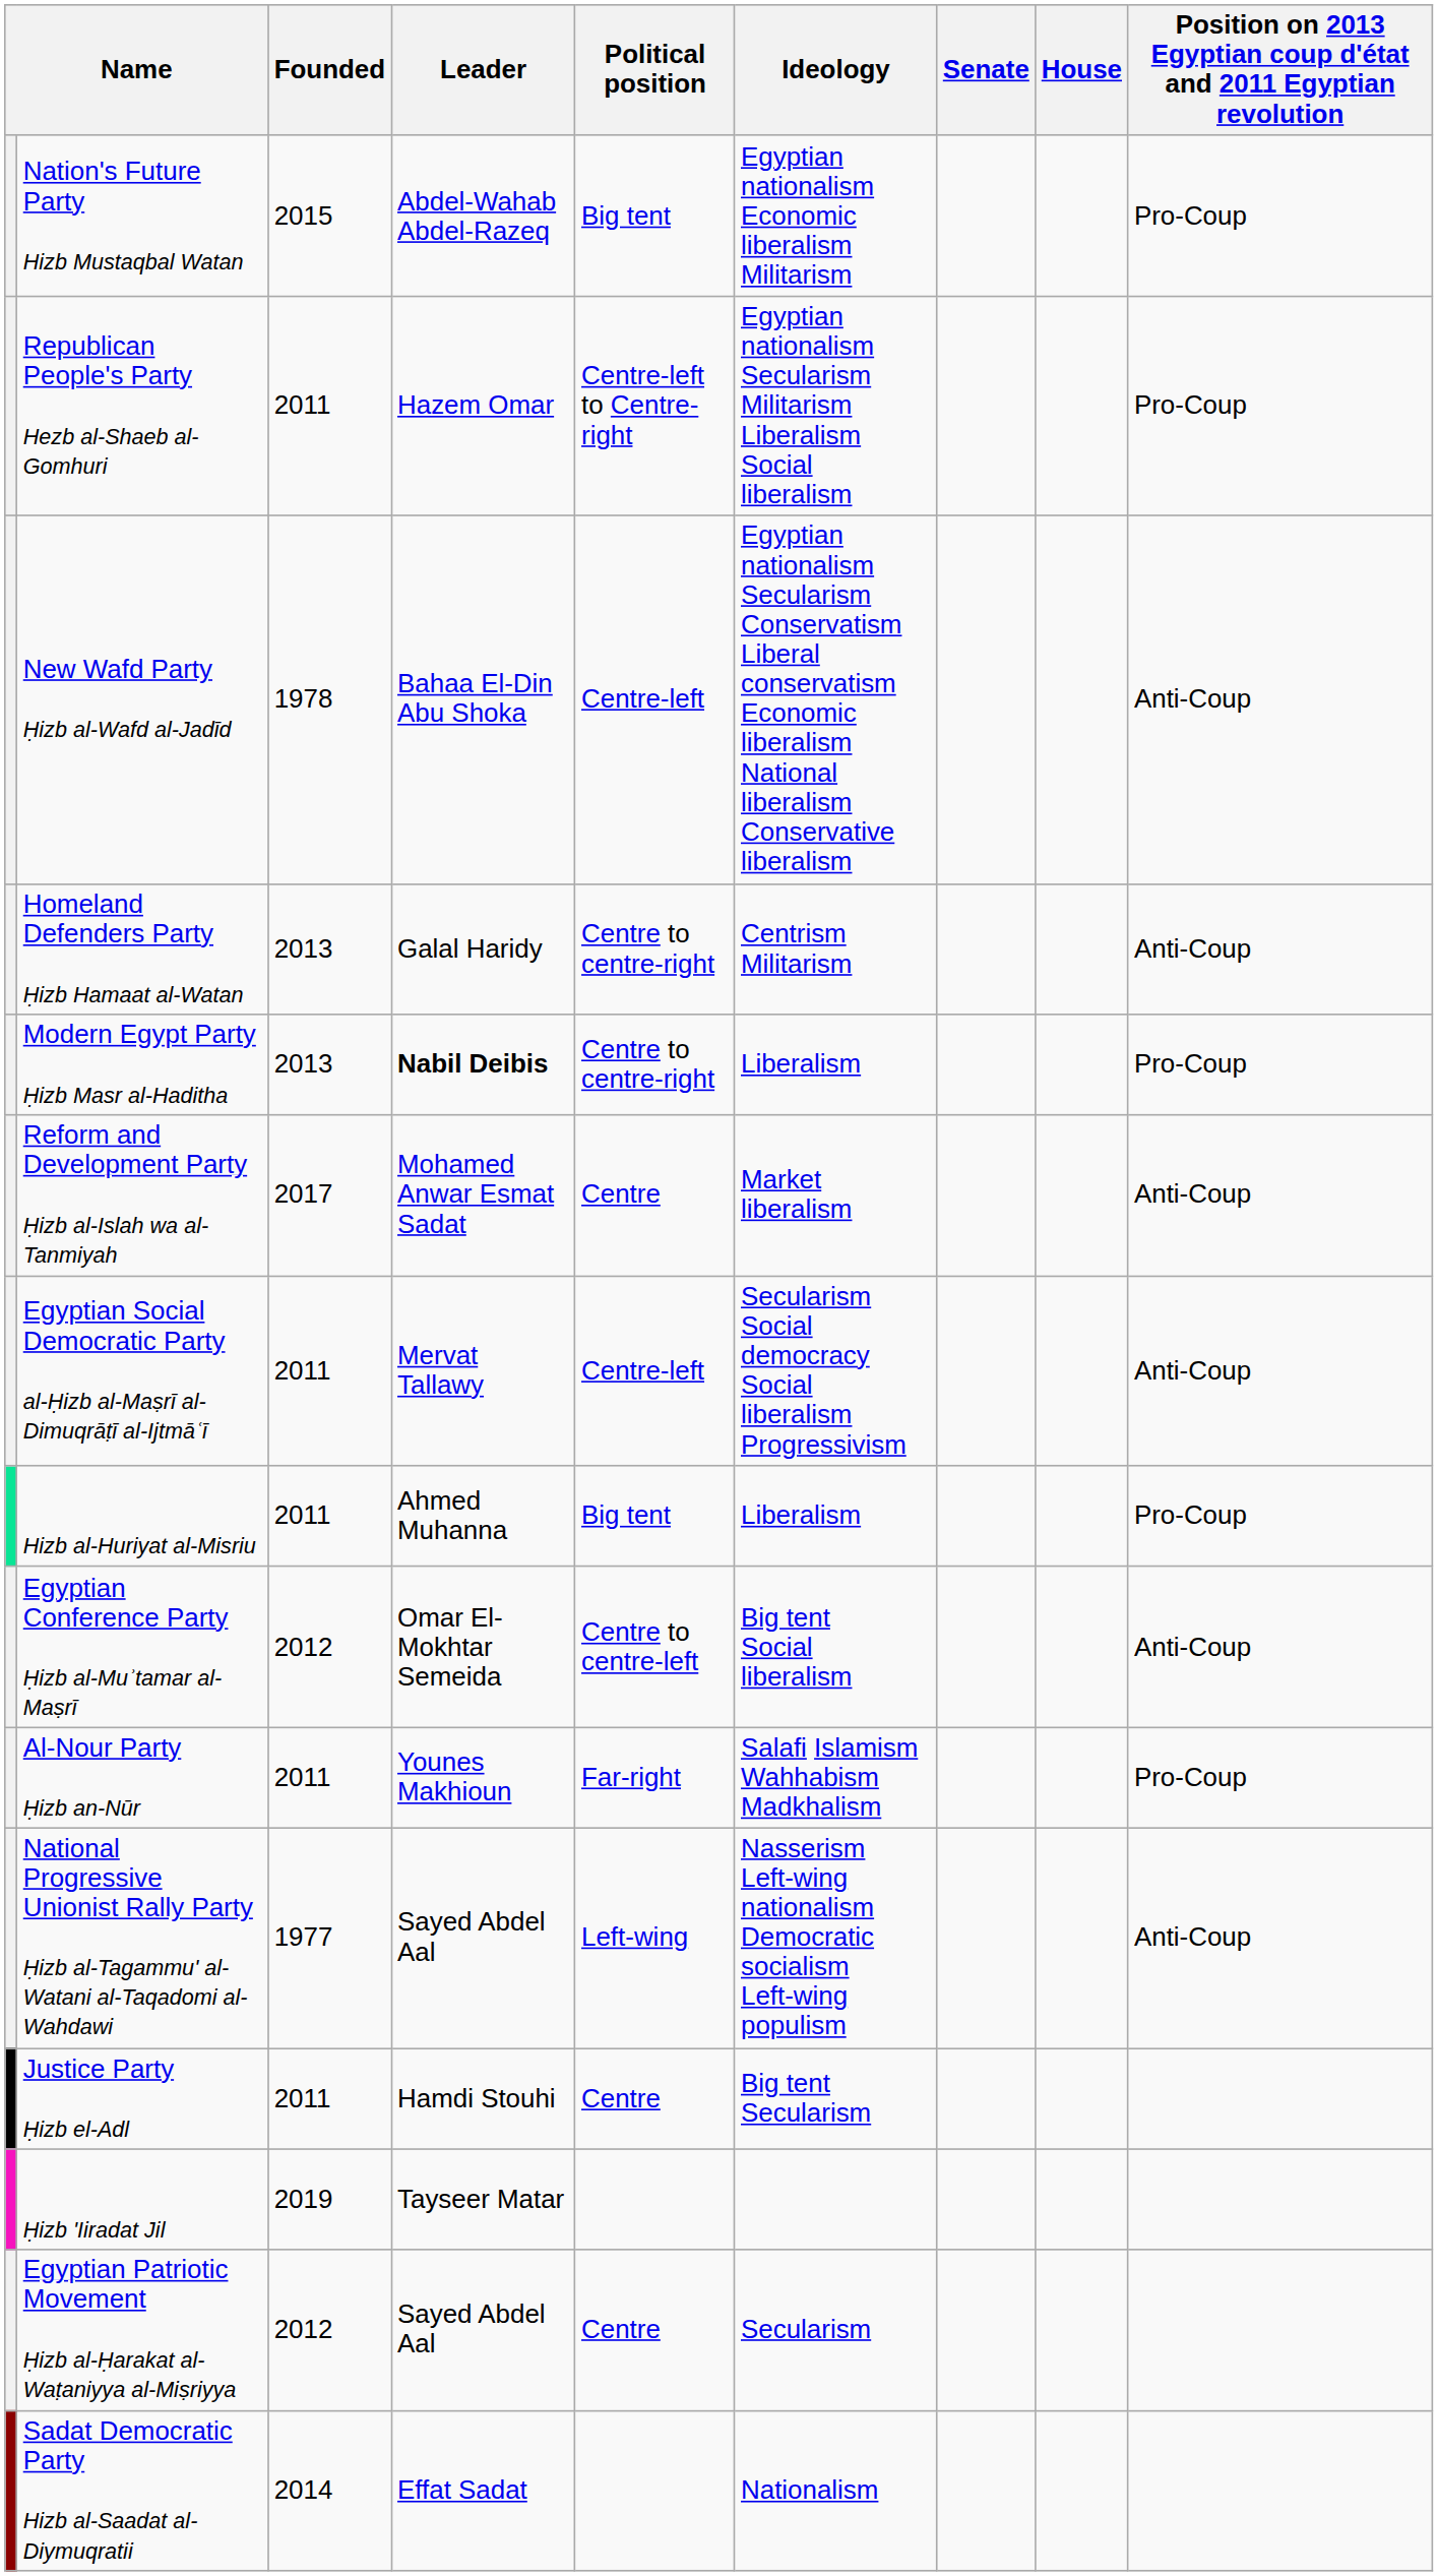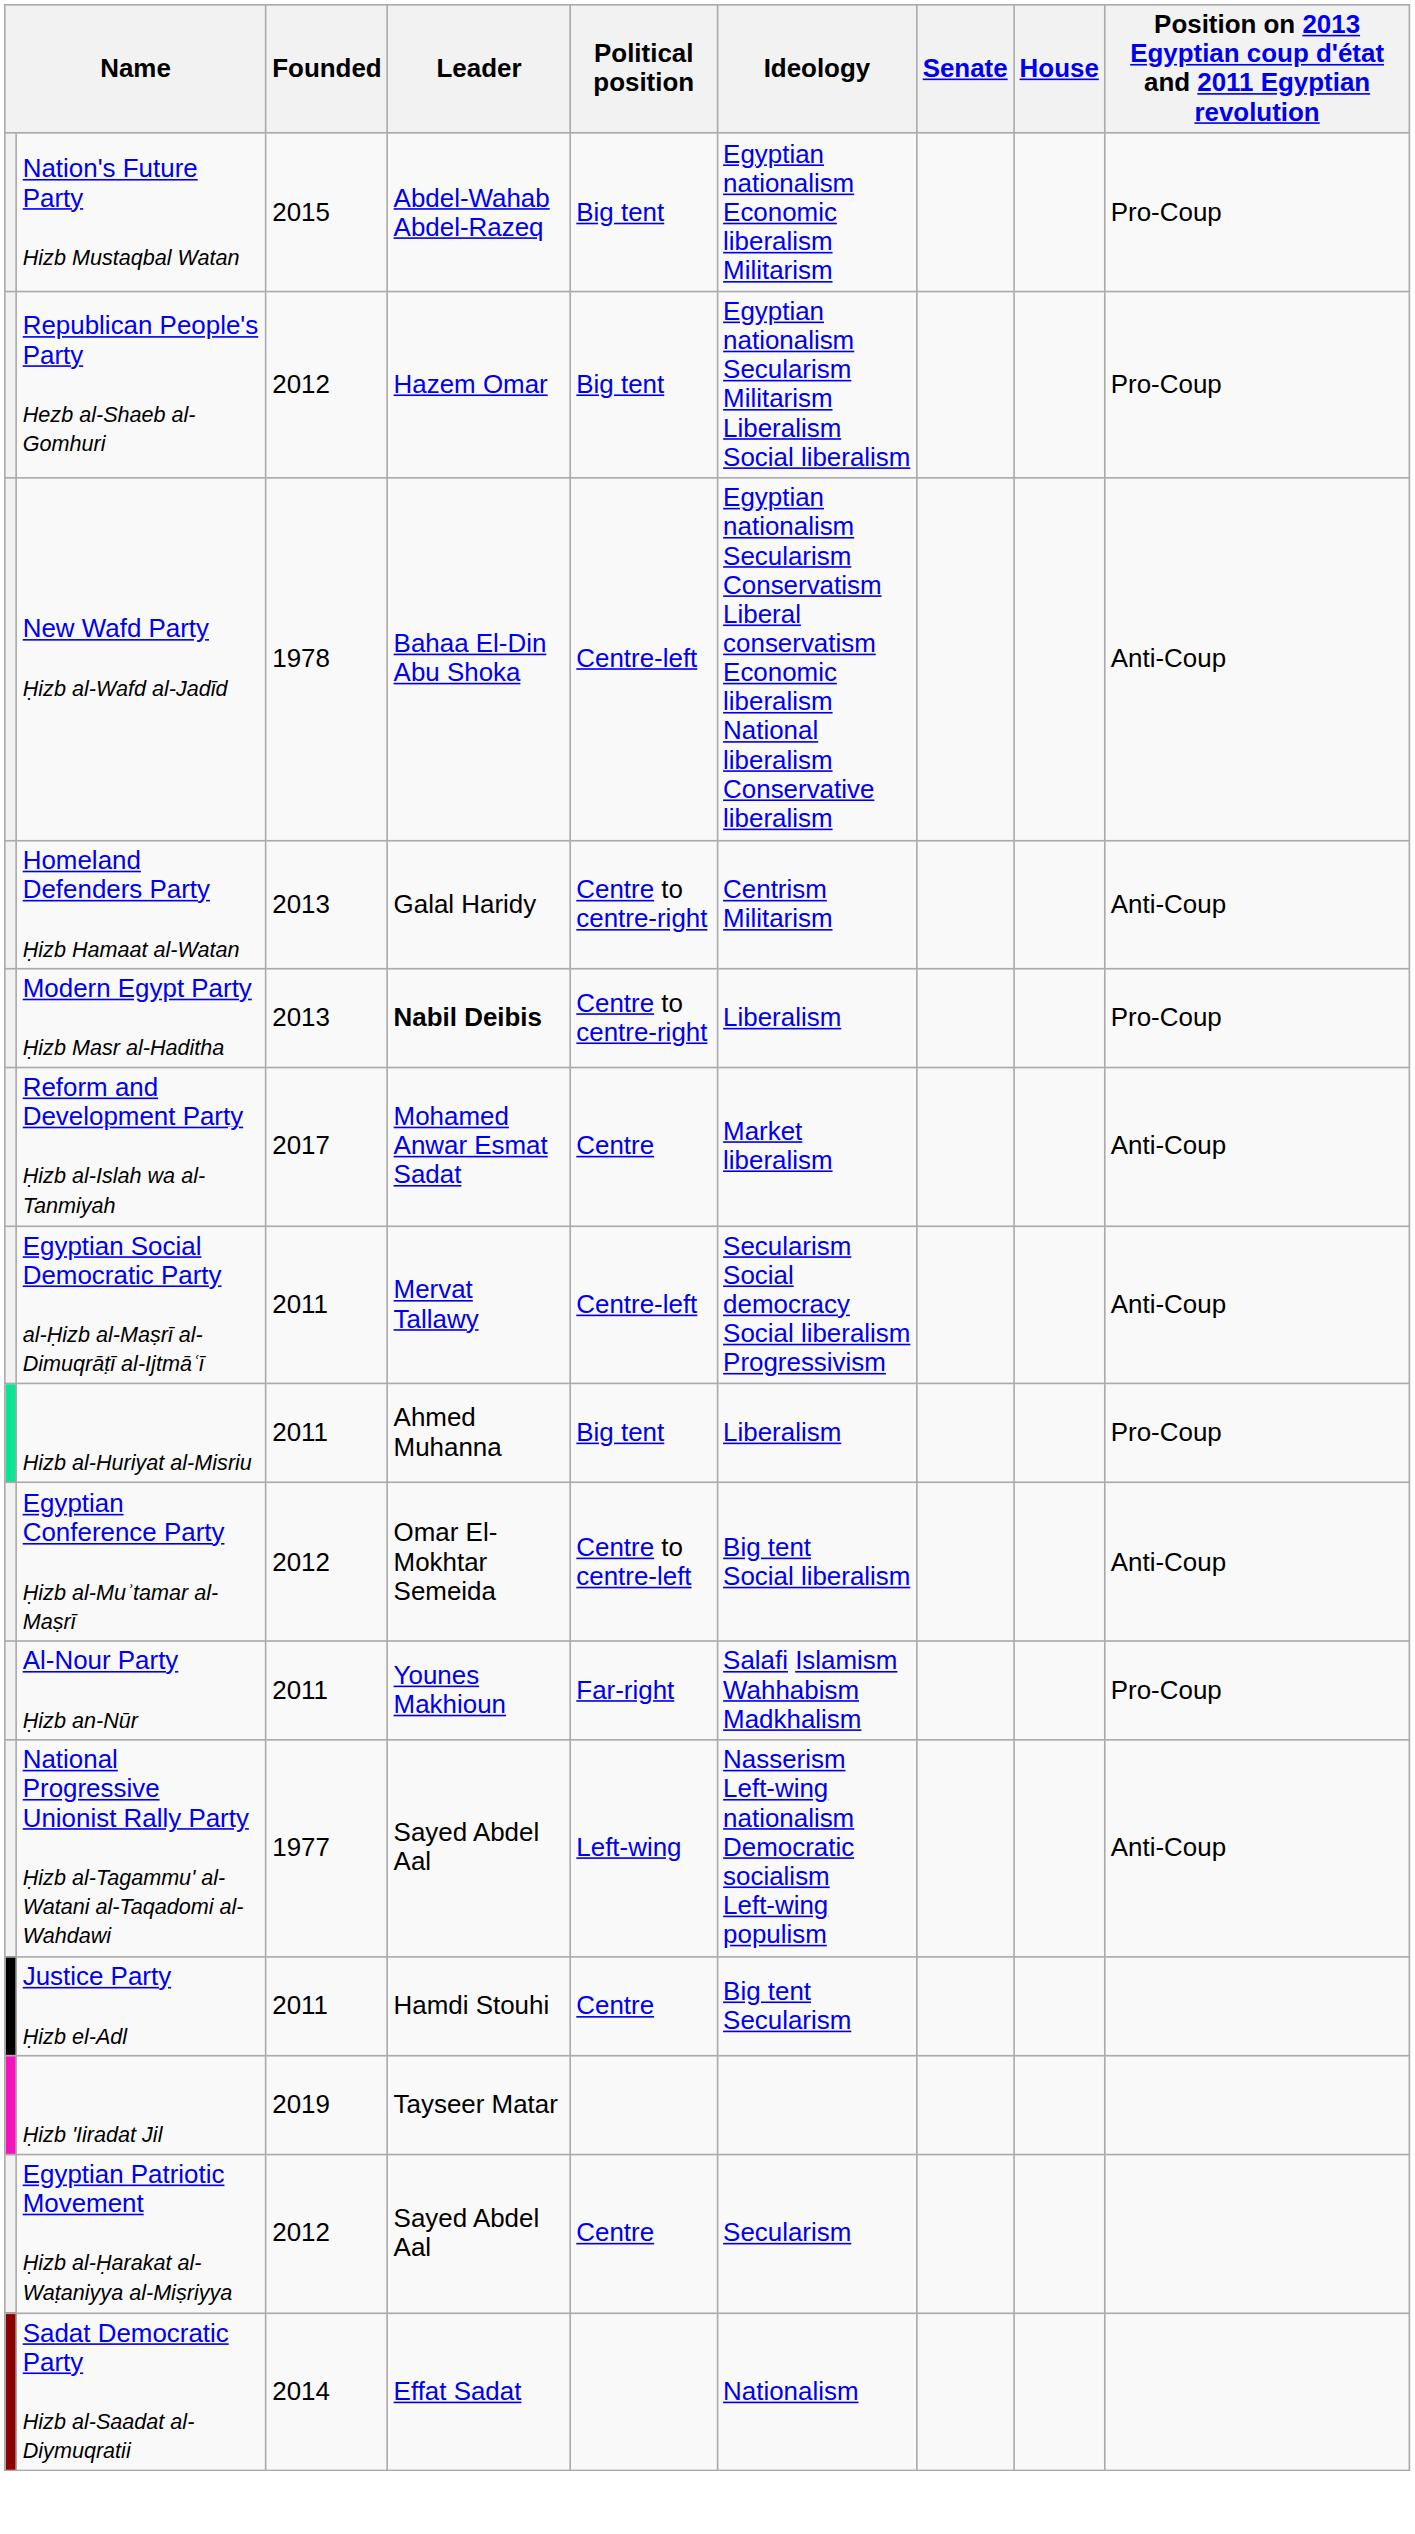 <table class="wikitable sortable">
 <tr>
 <th colspan=2>Name</th>
 <th>Founded</th>
 <th>Leader</th>
 <th>Political position</th>
 <th>Ideology</th>
 <th><a href='#'>Senate</a></th>
 <th><a href='#'>House</a></th>
 <th>Position on <a href='#'>2013 Egyptian coup d'état</a> and <a href='#'>2011 Egyptian revolution</a></th>
 </tr>
 <tr>
 <th style="background-color: "></th>
 <td><a href='#'>Nation's Future Party</a><br><br><small><em>Hizb Mustaqbal Watan</em></small></td>
 <td>2015</td>
 <td><a href='#'>Abdel-Wahab Abdel-Razeq</a></td>
 <td><a href='#'>Big tent</a></td>
 <td><a href='#'>Egyptian nationalism</a><br><a href='#'>Economic liberalism</a><br><a href='#'>Militarism</a></td>
 <td></td>
 <td></td>
 <td>Pro-Coup</td>
 </tr>
 <tr>
 <th style="background-color: "></th>
 <td><a href='#'>Republican People's Party</a><br><br><small><em>Hezb al-Shaeb al-Gomhuri</em></small></td>
-<td>2011</td>
+<td>2012</td>
 <td><a href='#'>Hazem Omar</a></td>
-<td><a href='#'>Centre-left</a> to <a href='#'>Centre-right</a></td>
+<td><a href='#'>Big tent</a></td>
 <td><a href='#'>Egyptian nationalism</a><br><a href='#'>Secularism</a><br><a href='#'>Militarism</a><br><a href='#'>Liberalism</a><br><a href='#'>Social liberalism</a></td>
 <td></td>
 <td></td>
 <td>Pro-Coup</td>
 </tr>
 <tr>
 <th style="background-color: "></th>
 <td><a href='#'>New Wafd Party</a><br><br><small><em>Ḥizb al-Wafd al-Jadīd</em></small></td>
 <td>1978</td>
 <td><a href='#'>Bahaa El-Din Abu Shoka</a></td>
 <td><a href='#'>Centre-left</a></td>
 <td><a href='#'>Egyptian nationalism</a><br><a href='#'>Secularism</a><br><a href='#'>Conservatism</a><br><a href='#'>Liberal conservatism</a><br><a href='#'>Economic liberalism</a><br><a href='#'>National liberalism</a><br><a href='#'>Conservative liberalism</a></td>
 <td></td>
 <td></td>
 <td>Anti-Coup</td>
 </tr>
 <tr>
 <th style="background-color: "></th>
 <td><a href='#'>Homeland Defenders Party</a><br><br><small><em>Ḥizb Hamaat al-Watan</em></small></td>
 <td>2013</td>
 <td>Galal Haridy</td>
 <td><a href='#'>Centre</a> to <a href='#'>centre-right</a></td>
 <td><a href='#'>Centrism</a><br><a href='#'>Militarism</a></td>
 <td></td>
 <td></td>
 <td>Anti-Coup</td>
 </tr>
 <tr>
 <th style="background-color: "></th>
 <td><a href='#'>Modern Egypt Party</a><br><br><small><em>Ḥizb Masr al-Haditha</em></small></td>
 <td>2013</td>
 <td><strong>Nabil Deibis</strong></td>
 <td><a href='#'>Centre</a> to <a href='#'>centre-right</a></td>
 <td><a href='#'>Liberalism</a></td>
 <td></td>
 <td></td>
 <td>Pro-Coup</td>
 </tr>
 <tr>
 <th style="background-color: "></th>
 <td><a href='#'>Reform and Development Party</a><br><br><small><em>Ḥizb al-Islah wa al-Tanmiyah</em></small></td>
 <td>2017</td>
 <td><a href='#'>Mohamed Anwar Esmat Sadat</a></td>
 <td><a href='#'>Centre</a></td>
 <td><a href='#'>Market liberalism</a></td>
 <td></td>
 <td></td>
 <td>Anti-Coup</td>
 </tr>
 <tr>
 <th style="background-color: "></th>
 <td><a href='#'>Egyptian Social Democratic Party</a><br><br><small><em>al-Ḥizb al-Maṣrī al-Dimuqrāṭī al-Ijtmāʿī</em></small></td>
 <td>2011</td>
 <td><a href='#'>Mervat Tallawy</a></td>
 <td><a href='#'>Centre-left</a></td>
 <td><a href='#'>Secularism</a><br><a href='#'>Social democracy</a><br><a href='#'>Social liberalism</a><br><a href='#'>Progressivism</a></td>
 <td></td>
 <td></td>
 <td>Anti-Coup</td>
 </tr>
 <tr>
 <th style="background-color: #08e595"></th>
 <td><br><br><small><em>Hizb al-Huriyat al-Misriu</em></small></td>
 <td>2011</td>
 <td>Ahmed Muhanna</td>
 <td><a href='#'>Big tent</a></td>
 <td><a href='#'>Liberalism</a></td>
 <td></td>
 <td></td>
 <td>Pro-Coup</td>
 </tr>
 <tr>
 <th style="background-color: "></th>
 <td><a href='#'>Egyptian Conference Party</a><br><br><small><em>Ḥizb al-Muʾtamar al-Maṣrī</em></small></td>
 <td>2012</td>
 <td>Omar El-Mokhtar Semeida</td>
 <td><a href='#'>Centre</a> to <a href='#'>centre-left</a></td>
 <td><a href='#'>Big tent</a><br><a href='#'>Social liberalism</a></td>
 <td></td>
 <td></td>
 <td>Anti-Coup</td>
 </tr>
 <tr>
 <th style="background-color: "></th>
 <td><a href='#'>Al-Nour Party</a><br><br><small><em>Ḥizb an-Nūr</em></small></td>
 <td>2011</td>
 <td><a href='#'>Younes Makhioun</a></td>
 <td><a href='#'>Far-right</a></td>
 <td><a href='#'>Salafi</a> <a href='#'>Islamism</a><br><a href='#'>Wahhabism</a><br><a href='#'>Madkhalism</a></td>
 <td></td>
 <td></td>
 <td>Pro-Coup</td>
 </tr>
 <tr>
 <th style="background-color: "></th>
 <td><a href='#'>National Progressive Unionist Rally Party</a><br><br><small><em>Ḥizb al-Tagammu' al-Watani al-Taqadomi al-Wahdawi</em></small></td>
 <td>1977</td>
 <td>Sayed Abdel Aal</td>
 <td><a href='#'>Left-wing</a></td>
 <td><a href='#'>Nasserism</a><br><a href='#'>Left-wing nationalism</a><br><a href='#'>Democratic socialism</a><br><a href='#'>Left-wing populism</a></td>
 <td></td>
 <td></td>
 <td>Anti-Coup</td>
 </tr>
 <tr>
 <th style="background-color: black"></th>
 <td><a href='#'>Justice Party</a><br><br><small><em>Ḥizb el-Adl</em></small></td>
 <td>2011</td>
 <td>Hamdi Stouhi</td>
 <td><a href='#'>Centre</a></td>
 <td><a href='#'>Big tent</a><br><a href='#'>Secularism</a></td>
 <td></td>
 <td></td>
 <td></td>
 </tr>
 <tr>
 <th style="background-color: #f613be"></th>
 <td><br><br><small><em>Ḥizb 'Iiradat Jil</em></small></td>
 <td>2019</td>
 <td>Tayseer Matar</td>
 <td></td>
 <td></td>
 <td></td>
 <td></td>
 <td></td>
 </tr>
 <tr>
 <th style="background-color: "></th>
 <td><a href='#'>Egyptian Patriotic Movement</a><br><br><small><em>Ḥizb al-Ḥarakat al-Waṭaniyya al-Miṣriyya</em></small></td>
 <td>2012</td>
 <td>Sayed Abdel Aal</td>
 <td><a href='#'>Centre</a></td>
 <td><a href='#'>Secularism</a></td>
 <td></td>
 <td></td>
 <td></td>
 </tr>
 <tr>
 <th style="background-color: #8B0000"></th>
 <td><a href='#'>Sadat Democratic Party</a><br><br><small><em>Hizb al-Saadat al-Diymuqratii</em></small></td>
 <td>2014</td>
 <td><a href='#'>Effat Sadat</a></td>
 <td></td>
 <td><a href='#'>Nationalism</a></td>
 <td></td>
 <td></td>
 <td></td>
 </tr>
 </table>
